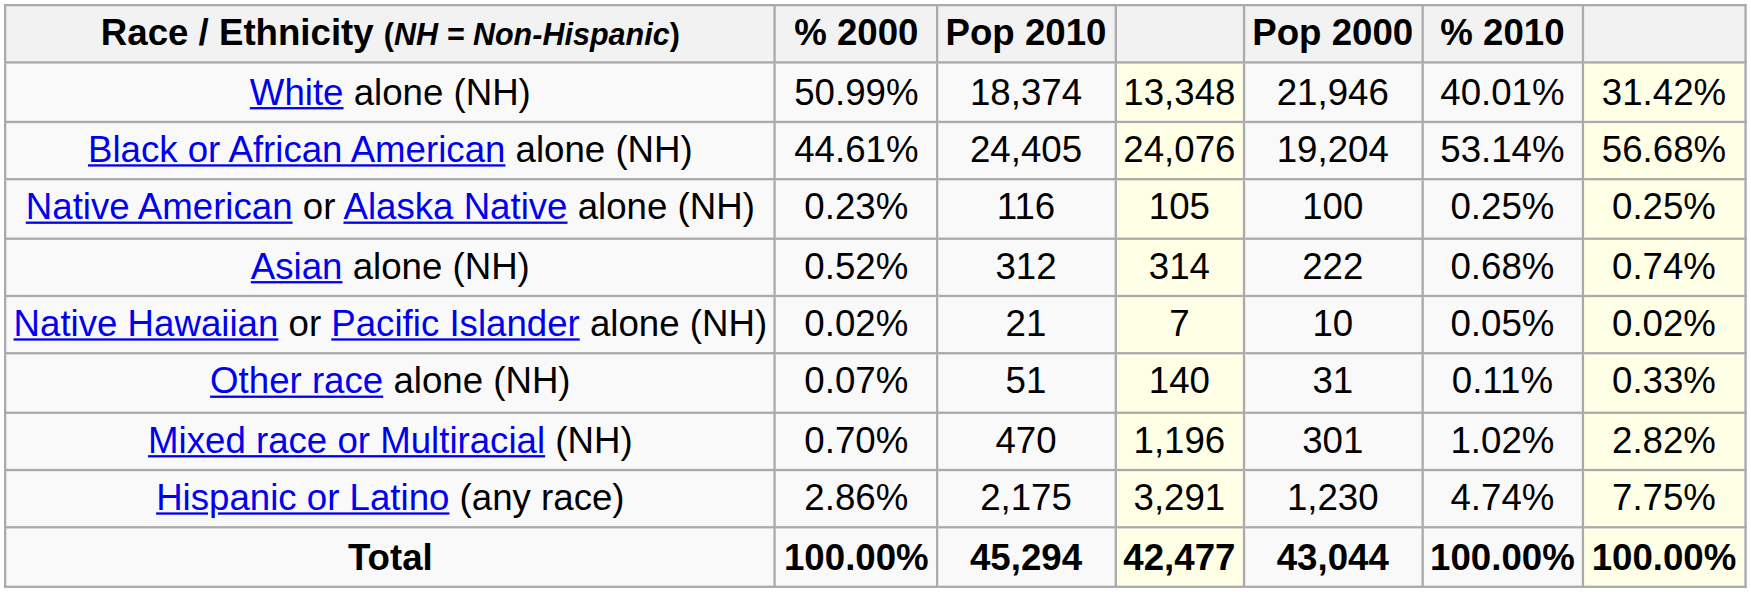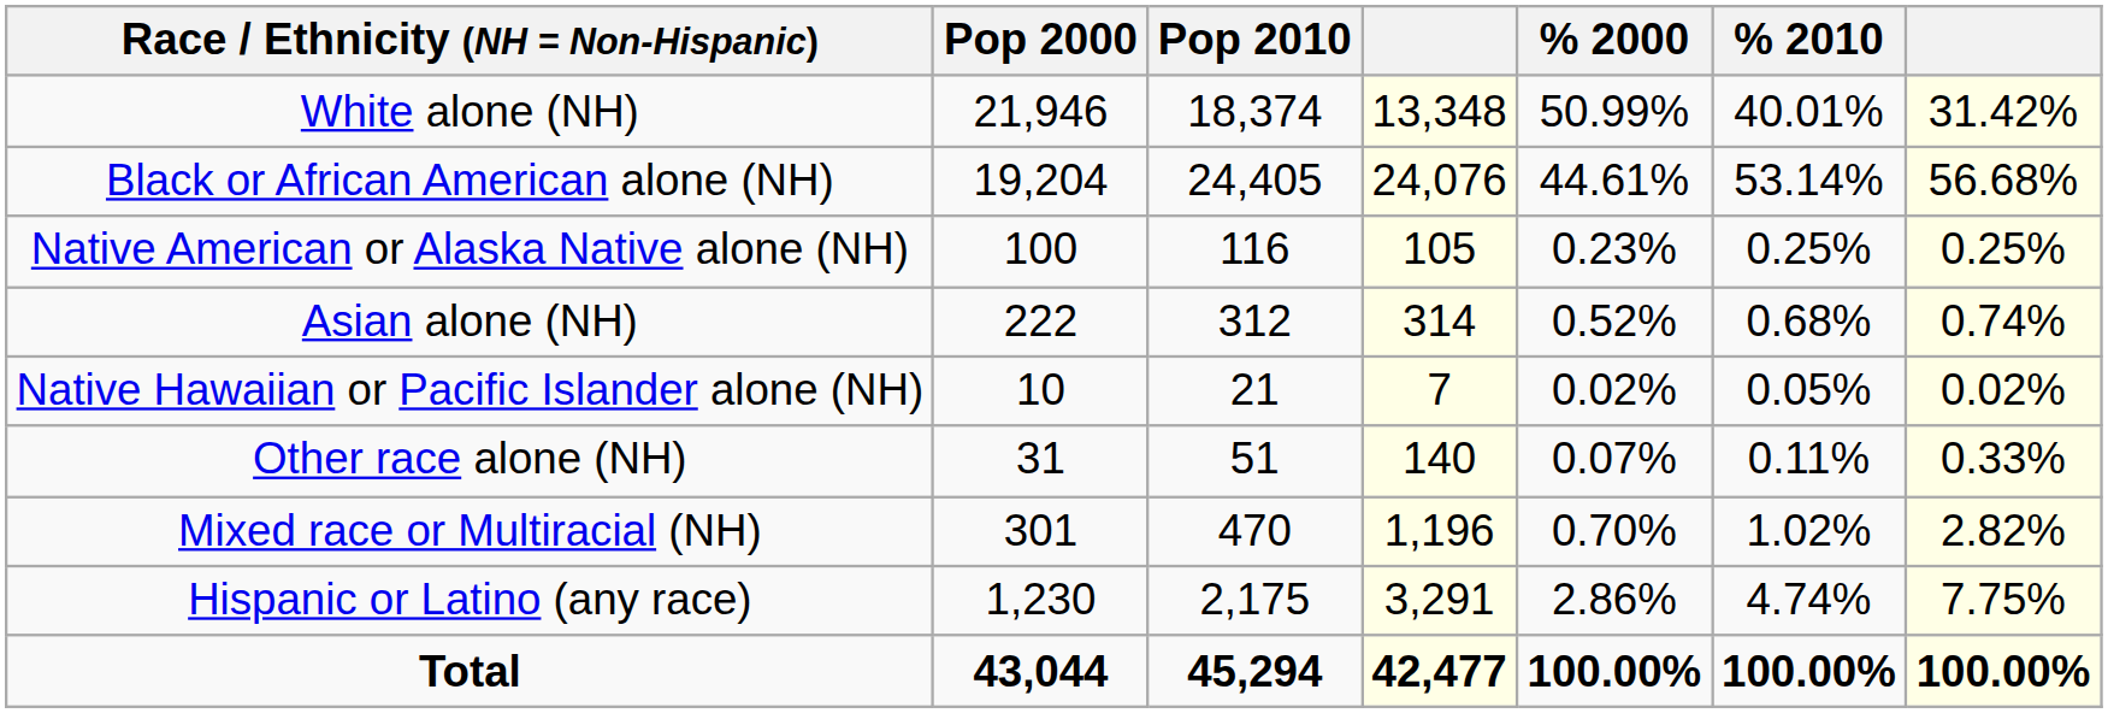 <table class="wikitable" style="text-align:center;">
 <tr>
 <th>Race / Ethnicity <small>(<em>NH = Non-Hispanic</em>)</small></th>
-<th>% 2000</th>
+<th>Pop 2000</th>
 <th>Pop 2010</th>
 <th></th>
-<th>Pop 2000</th>
+<th>% 2000</th>
 <th>% 2010</th>
 <th></th>
 </tr>
 <tr>
 <td><a href='#'>White</a> alone (NH)</td>
-<td>50.99%</td>
+<td>21,946</td>
 <td>18,374</td>
 <td style='background: #ffffe6;'>13,348</td>
-<td>21,946</td>
+<td>50.99%</td>
 <td>40.01%</td>
 <td style='background: #ffffe6;'>31.42%</td>
 </tr>
 <tr>
 <td><a href='#'>Black or African American</a> alone (NH)</td>
-<td>44.61%</td>
+<td>19,204</td>
 <td>24,405</td>
 <td style='background: #ffffe6;'>24,076</td>
-<td>19,204</td>
+<td>44.61%</td>
 <td>53.14%</td>
 <td style='background: #ffffe6;'>56.68%</td>
 </tr>
 <tr>
 <td><a href='#'>Native American</a> or <a href='#'>Alaska Native</a> alone (NH)</td>
-<td>0.23%</td>
+<td>100</td>
 <td>116</td>
 <td style='background: #ffffe6;'>105</td>
-<td>100</td>
+<td>0.23%</td>
 <td>0.25%</td>
 <td style='background: #ffffe6;'>0.25%</td>
 </tr>
 <tr>
 <td><a href='#'>Asian</a> alone (NH)</td>
-<td>0.52%</td>
+<td>222</td>
 <td>312</td>
 <td style='background: #ffffe6;'>314</td>
-<td>222</td>
+<td>0.52%</td>
 <td>0.68%</td>
 <td style='background: #ffffe6;'>0.74%</td>
 </tr>
 <tr>
 <td><a href='#'>Native Hawaiian</a> or <a href='#'>Pacific Islander</a> alone (NH)</td>
-<td>0.02%</td>
+<td>10</td>
 <td>21</td>
 <td style='background: #ffffe6;'>7</td>
-<td>10</td>
+<td>0.02%</td>
 <td>0.05%</td>
 <td style='background: #ffffe6;'>0.02%</td>
 </tr>
 <tr>
 <td><a href='#'>Other race</a> alone (NH)</td>
-<td>0.07%</td>
+<td>31</td>
 <td>51</td>
 <td style='background: #ffffe6;'>140</td>
-<td>31</td>
+<td>0.07%</td>
 <td>0.11%</td>
 <td style='background: #ffffe6;'>0.33%</td>
 </tr>
 <tr>
 <td><a href='#'>Mixed race or Multiracial</a> (NH)</td>
-<td>0.70%</td>
+<td>301</td>
 <td>470</td>
 <td style='background: #ffffe6;'>1,196</td>
-<td>301</td>
+<td>0.70%</td>
 <td>1.02%</td>
 <td style='background: #ffffe6;'>2.82%</td>
 </tr>
 <tr>
 <td><a href='#'>Hispanic or Latino</a> (any race)</td>
-<td>2.86%</td>
+<td>1,230</td>
 <td>2,175</td>
 <td style='background: #ffffe6;'>3,291</td>
-<td>1,230</td>
+<td>2.86%</td>
 <td>4.74%</td>
 <td style='background: #ffffe6;'>7.75%</td>
 </tr>
 <tr>
 <td><strong>Total</strong></td>
-<td><strong>100.00%</strong></td>
+<td><strong>43,044</strong></td>
 <td><strong>45,294</strong></td>
 <td style='background: #ffffe6;'><strong>42,477</strong></td>
-<td><strong>43,044</strong></td>
+<td><strong>100.00%</strong></td>
 <td><strong>100.00%</strong></td>
 <td style='background: #ffffe6;'><strong>100.00%</strong></td>
 </tr>
 </table>
